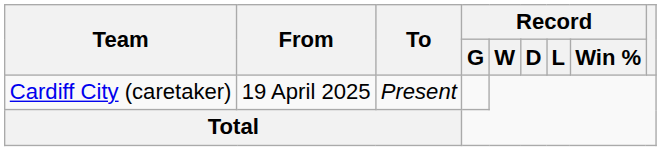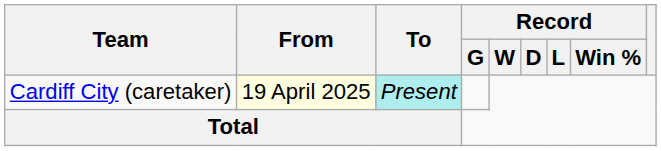 <table class="wikitable" style="text-align: center">
 <tr>
 <th rowspan="2">Team</th>
 <th rowspan="2">From</th>
 <th rowspan="2">To</th>
 <th colspan="5">Record</th>
 <th rowspan=2></th>
 </tr>
 <tr>
 <th>G</th>
 <th>W</th>
 <th>D</th>
 <th>L</th>
 <th>Win %</th>
 </tr>
 <tr>
 <td align=left><a href='#'>Cardiff City</a> (caretaker)</td>
-<td align=left>19 April 2025</td>
-<td align=left><em>Present</em><br></td>
+<td align=left style="background: lightyellow;">19 April 2025</td>
+<td align=left style="background: paleturquoise;"><em>Present</em><br></td>
 <td></td>
 </tr>
 <tr>
 <th colspan="3">Total<br></th>
 </tr>
 </table>
